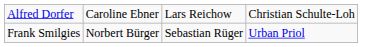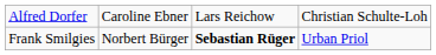 <table class="wikitable">
 <tr>
 <td> <a href='#'>Alfred Dorfer</a></td>
 <td> Caroline Ebner</td>
 <td> Lars Reichow</td>
 <td> Christian Schulte-Loh</td>
 </tr>
 <tr>
 <td> Frank Smilgies</td>
 <td> Norbert Bürger</td>
-<td> Sebastian Rüger</td>
+<td><strong> Sebastian Rüger</strong></td>
 <td> <a href='#'>Urban Priol</a></td>
 </tr>
 </table>
